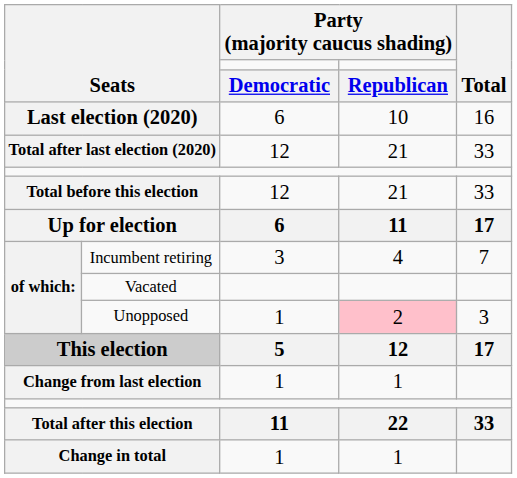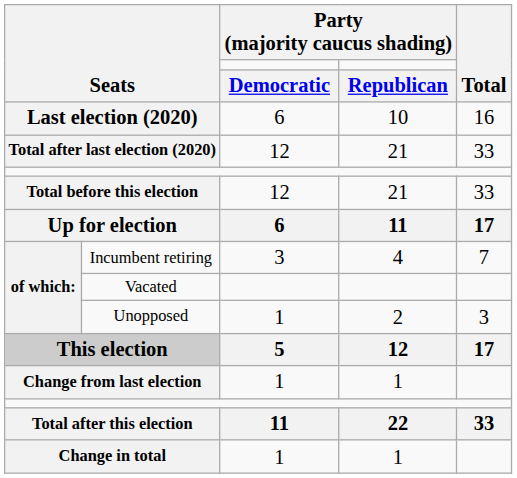 <table class=wikitable style="text-align:center">
 <tr style="vertical-align:bottom;">
 <th rowspan=3 colspan=2>Seats</th>
 <th colspan=2>Party <div>(majority caucus shading)</div></th>
 <th rowspan=3>Total</th>
 </tr>
 <tr style="height:5px">
 <td style="background-color:"></td>
 <td style="background-color:"></td>
 </tr>
 <tr>
 <th><a href='#'>Democratic</a></th>
 <th><a href='#'>Republican</a></th>
 </tr>
 <tr>
 <th nowrap colspan=2>Last election (2020)</th>
 <td>6</td>
 <td>10</td>
 <td>16</td>
 </tr>
 <tr>
 <th nowrap style="font-size:80%" colspan=2>Total after last election (2020)</th>
 <td>12</td>
 <td>21</td>
 <td>33</td>
 </tr>
 <tr>
 <td colspan=5></td>
 </tr>
 <tr>
 <th nowrap style="font-size:80%" colspan=2>Total before this election</th>
 <td>12</td>
 <td>21</td>
 <td>33</td>
 </tr>
 <tr>
 <th colspan=2>Up for election</th>
 <th>6</th>
 <th>11</th>
 <th>17</th>
 </tr>
 <tr>
 <th style="font-size:80%" rowspan=3>of which:</th>
 <td nowrap style="font-size:80%">Incumbent retiring</td>
 <td>3</td>
 <td>4</td>
 <td>7</td>
 </tr>
 <tr>
 <td nowrap style="font-size:80%">Vacated</td>
 <td></td>
 <td></td>
 <td></td>
 </tr>
 <tr>
 <td nowrap style="font-size:80%">Unopposed</td>
 <td>1</td>
-<td style="background: pink;">2</td>
+<td>2</td>
 <td>3</td>
 </tr>
 <tr>
 <th nowrap style="background:#ccc" colspan=2>This election</th>
 <th>5</th>
 <th>12</th>
 <th>17</th>
 </tr>
 <tr>
 <th nowrap style="font-size:80%"  colspan=2>Change from last election</th>
 <td> 1</td>
 <td> 1</td>
 <td></td>
 </tr>
 <tr>
 <td colspan=5></td>
 </tr>
 <tr>
 <th nowrap style="font-size:80%" colspan=2>Total after this election</th>
 <th>11</th>
 <th>22</th>
 <th>33</th>
 </tr>
 <tr>
 <th nowrap style="font-size:80%"  colspan=2>Change in total</th>
 <td> 1</td>
 <td> 1</td>
 <td></td>
 </tr>
 </table>
